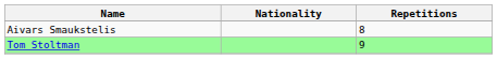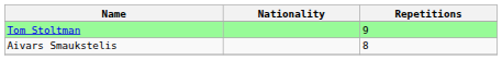 <table class="wikitable" style="display: inline-table; width: 50%;">
 <tr>
 <th>Name</th>
 <th>Nationality</th>
 <th>Repetitions</th>
 </tr>
 <tr>
 </tr>
-<tr>
-<td>Aivars Smaukstelis</td>
-<td></td>
-<td>8</td>
-</tr>
 <tr style="background:palegreen">
 <td><a href='#'>Tom Stoltman</a></td>
 <td></td>
 <td>9</td>
 </tr>
 <tr>
+<td>Aivars Smaukstelis</td>
+<td></td>
+<td>8</td>
+</tr>
+<tr>
 </tr>
 </table>
